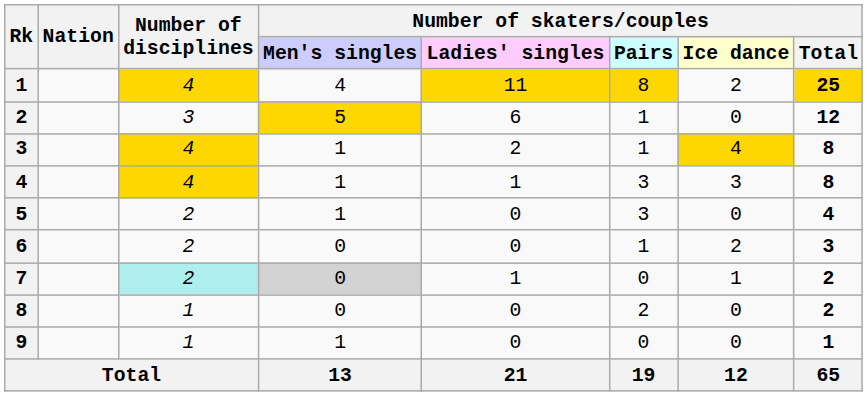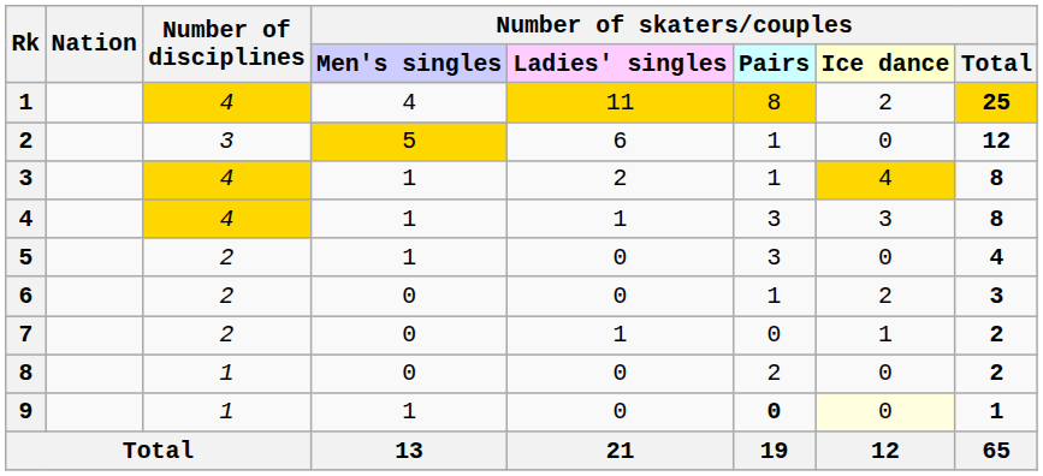 <table class="wikitable sortable" style="text-align: center;">
 <tr>
 <th rowspan="2">Rk</th>
 <th rowspan="2">Nation</th>
 <th rowspan="2">Number of<br>disciplines</th>
 <th colspan="5">Number of skaters/couples</th>
 </tr>
 <tr>
 <th style="background-color: #ccf;">Men's singles</th>
 <th style="background-color: #fcf;">Ladies' singles</th>
 <th style="background-color: #cff;">Pairs</th>
 <th style="background-color: #ffc;">Ice dance</th>
 <th>Total</th>
 </tr>
 <tr>
 <th>1</th>
 <td></td>
 <td style="background-color: gold;"><em>4</em></td>
 <td>4</td>
 <td style="background-color: gold;">11</td>
 <td style="background-color: gold;">8</td>
 <td>2</td>
 <td style="background-color: gold;"><strong>25</strong></td>
 </tr>
 <tr>
 <th>2</th>
 <td></td>
 <td><em>3</em></td>
 <td style="background-color: gold;">5</td>
 <td>6</td>
 <td>1</td>
 <td>0</td>
 <td><strong>12</strong></td>
 </tr>
 <tr>
 <th>3</th>
 <td></td>
 <td style="background-color: gold;"><em>4</em></td>
 <td>1</td>
 <td>2</td>
 <td>1</td>
 <td style="background-color: gold;">4</td>
 <td><strong>8</strong></td>
 </tr>
 <tr>
 <th>4</th>
 <td></td>
 <td style="background-color: gold;"><em>4</em></td>
 <td>1</td>
 <td>1</td>
 <td>3</td>
 <td>3</td>
 <td><strong>8</strong></td>
 </tr>
 <tr>
 <th>5</th>
 <td></td>
 <td><em>2</em></td>
 <td>1</td>
 <td>0</td>
 <td>3</td>
 <td>0</td>
 <td><strong>4</strong></td>
 </tr>
 <tr>
 <th>6</th>
 <td></td>
 <td><em>2</em></td>
 <td>0</td>
 <td>0</td>
 <td>1</td>
 <td>2</td>
 <td><strong>3</strong></td>
 </tr>
 <tr>
 <th>7</th>
 <td></td>
-<td style="background: paleturquoise;"><em>2</em></td>
-<td style="background: lightgrey;">0</td>
+<td><em>2</em></td>
+<td>0</td>
 <td>1</td>
 <td>0</td>
 <td>1</td>
 <td><strong>2</strong></td>
 </tr>
 <tr>
 <th>8</th>
 <td></td>
 <td><em>1</em></td>
 <td>0</td>
 <td>0</td>
 <td>2</td>
 <td>0</td>
 <td><strong>2</strong></td>
 </tr>
 <tr>
 <th>9</th>
 <td></td>
 <td><em>1</em></td>
 <td>1</td>
 <td>0</td>
-<td>0</td>
-<td>0</td>
+<td><strong>0</strong></td>
+<td style="background: lightyellow;">0</td>
 <td><strong>1</strong></td>
 </tr>
 <tr class="sortbottom">
 <th colspan="3">Total</th>
 <th>13</th>
 <th>21</th>
 <th>19</th>
 <th>12</th>
 <th>65</th>
 </tr>
 </table>
